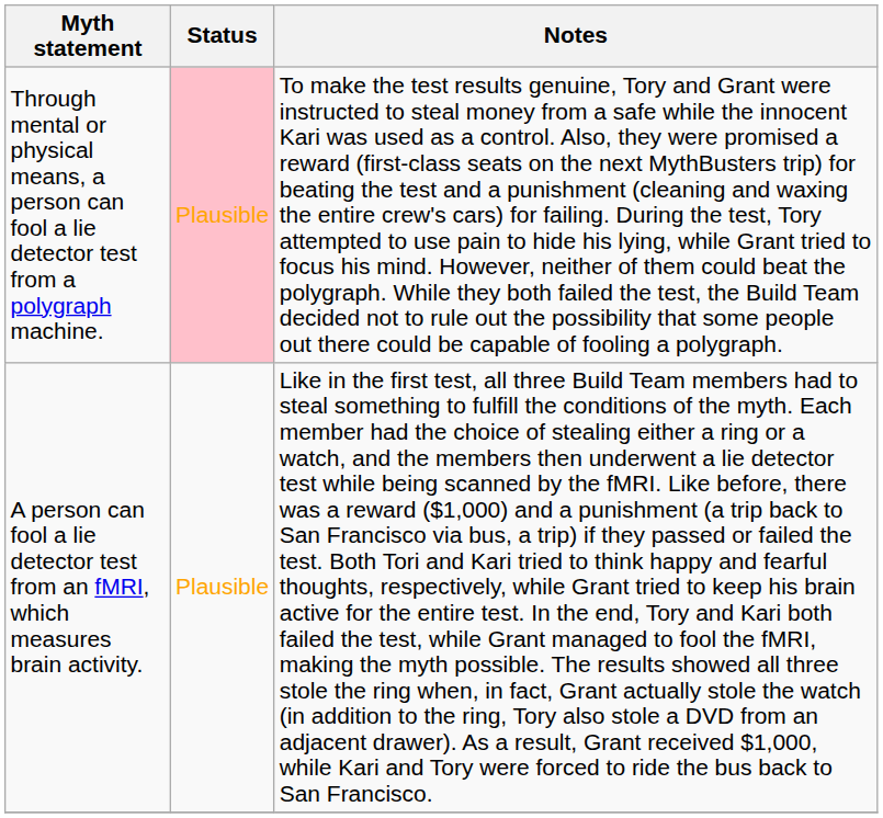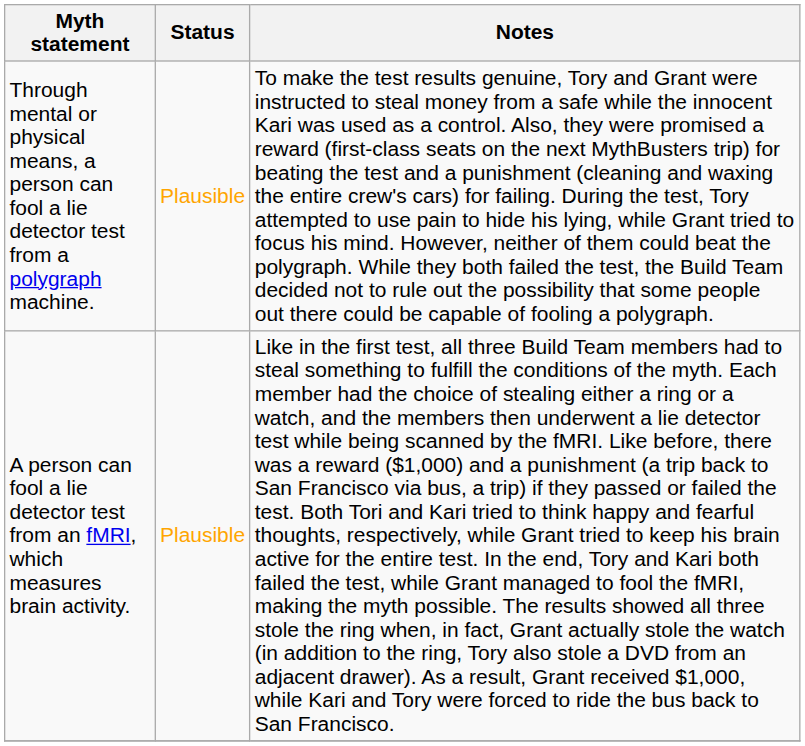 <table class="wikitable plainrowheaders">
 <tr>
 <th>Myth statement</th>
 <th>Status</th>
 <th>Notes</th>
 </tr>
 <tr>
 <td>Through mental or physical means, a person can fool a lie detector test from a <a href='#'>polygraph</a> machine.</td>
-<td style="background: pink; color:orange">Plausible</td>
+<td style="color:orange">Plausible</td>
 <td>To make the test results genuine, Tory and Grant were instructed to steal money from a safe while the innocent Kari was used as a control. Also, they were promised a reward (first-class seats on the next MythBusters trip) for beating the test and a punishment (cleaning and waxing the entire crew's cars) for failing. During the test, Tory attempted to use pain to hide his lying, while Grant tried to focus his mind. However, neither of them could beat the polygraph. While they both failed the test, the Build Team decided not to rule out the possibility that some people out there could be capable of fooling a polygraph.</td>
 </tr>
 <tr>
 <td>A person can fool a lie detector test from an <a href='#'>fMRI</a>, which measures brain activity.</td>
 <td style="color:orange">Plausible</td>
 <td>Like in the first test, all three Build Team members had to steal something to fulfill the conditions of the myth. Each member had the choice of stealing either a ring or a watch, and the members then underwent a lie detector test while being scanned by the fMRI. Like before, there was a reward ($1,000) and a punishment (a trip back to San Francisco via bus, a  trip) if they passed or failed the test. Both Tori and Kari tried to think happy and fearful thoughts, respectively, while Grant tried to keep his brain active for the entire test. In the end, Tory and Kari both failed the test, while Grant managed to fool the fMRI, making the myth possible. The results showed all three stole the ring when, in fact, Grant actually stole the watch (in addition to the ring, Tory also stole a DVD from an adjacent drawer). As a result, Grant received $1,000, while Kari and Tory were forced to ride the bus back to San Francisco.</td>
 </tr>
 <tr>
 </tr>
 </table>
